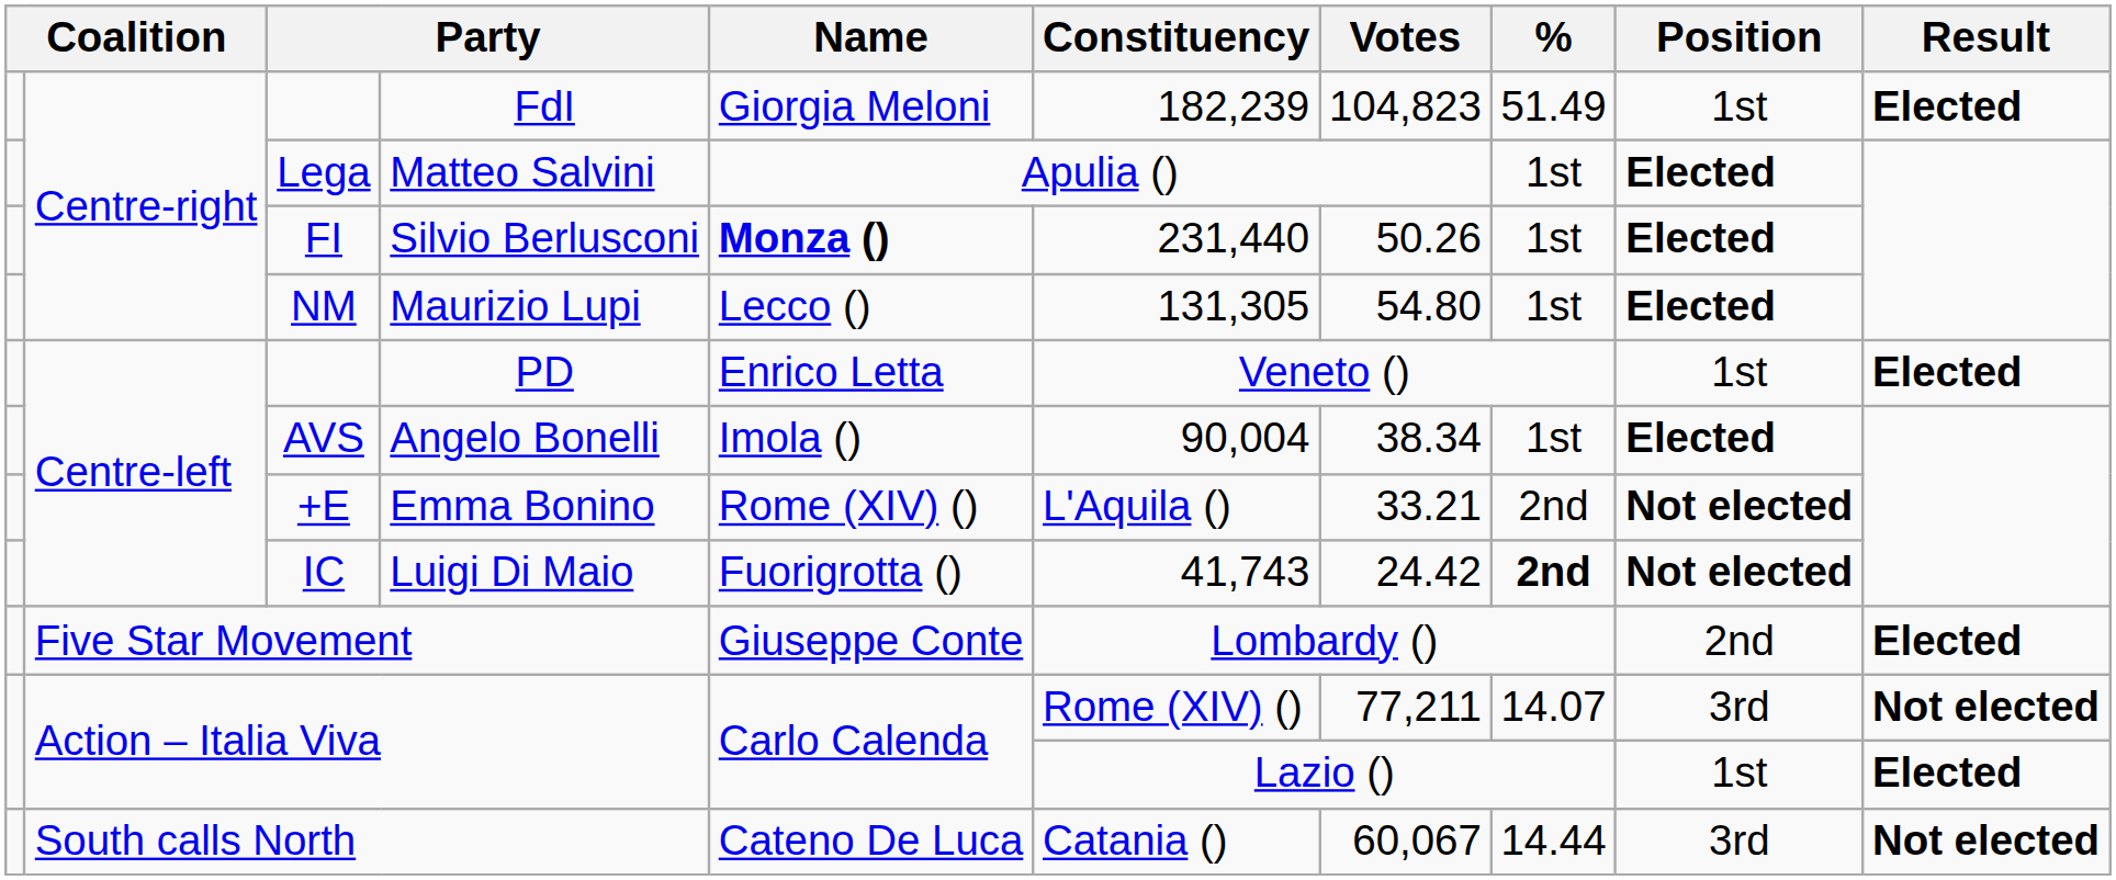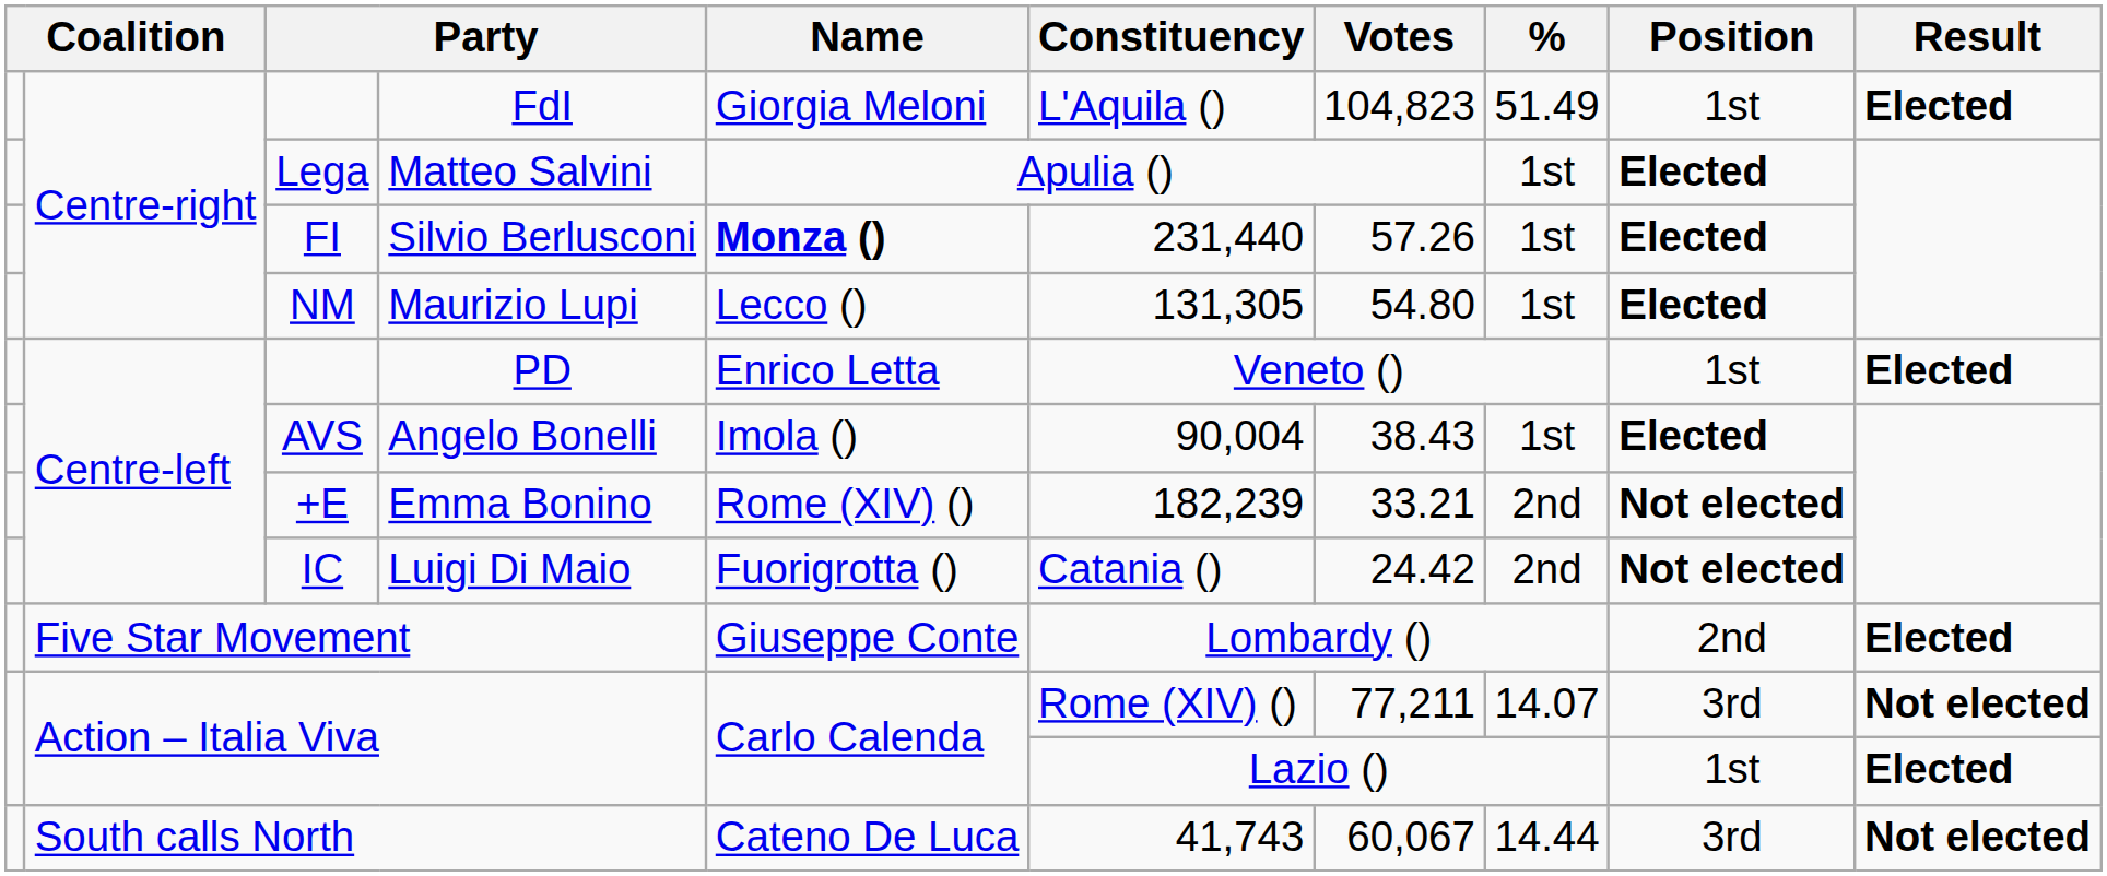 <table class="wikitable">
 <tr>
 <th colspan="2">Coalition</th>
 <th colspan="2">Party</th>
 <th>Name</th>
 <th>Constituency</th>
 <th>Votes</th>
 <th>%</th>
 <th>Position</th>
 <th>Result</th>
 </tr>
 <tr>
 <td></td>
 <td rowspan="4"><a href='#'>Centre-right</a></td>
 <td></td>
 <td align="center"><a href='#'>FdI</a></td>
 <td><a href='#'>Giorgia Meloni</a></td>
-<td align="right">182,239</td>
+<td><a href='#'>L'Aquila</a> ()</td>
 <td align="right">104,823</td>
 <td align="right">51.49</td>
 <td align="center">1st</td>
 <td> <strong>Elected</strong></td>
 </tr>
 <tr>
 <td></td>
 <td align="center"><a href='#'>Lega</a></td>
 <td><a href='#'>Matteo Salvini</a></td>
 <td colspan="3" align="center"><a href='#'>Apulia</a> ()</td>
 <td align="center">1st</td>
 <td> <strong>Elected</strong></td>
 </tr>
 <tr>
 <td></td>
 <td align="center"><a href='#'>FI</a></td>
 <td><a href='#'>Silvio Berlusconi</a></td>
 <td><strong><a href='#'>Monza</a> ()</strong></td>
 <td align="right">231,440</td>
-<td align="right">50.26</td>
+<td align="right">57.26</td>
 <td align="center">1st</td>
 <td> <strong>Elected</strong></td>
 </tr>
 <tr>
 <td></td>
 <td align="center"><a href='#'>NM</a></td>
 <td><a href='#'>Maurizio Lupi</a></td>
 <td><a href='#'>Lecco</a> ()</td>
 <td align="right">131,305</td>
 <td align="right">54.80</td>
 <td align="center">1st</td>
 <td> <strong>Elected</strong></td>
 </tr>
 <tr>
 <td></td>
 <td rowspan="4"><a href='#'>Centre-left</a></td>
 <td></td>
 <td align="center"><a href='#'>PD</a></td>
 <td><a href='#'>Enrico Letta</a></td>
 <td colspan="3" align="center"><a href='#'>Veneto</a> ()</td>
 <td align="center">1st</td>
 <td> <strong>Elected</strong></td>
 </tr>
 <tr>
 <td></td>
 <td align="center"><a href='#'>AVS</a></td>
 <td><a href='#'>Angelo Bonelli</a></td>
 <td><a href='#'>Imola</a> ()</td>
 <td align="right">90,004</td>
-<td align="right">38.34</td>
+<td align="right">38.43</td>
 <td align="center">1st</td>
 <td> <strong>Elected</strong></td>
 </tr>
 <tr>
 <td></td>
 <td align="center"><a href='#'>+E</a></td>
 <td><a href='#'>Emma Bonino</a></td>
 <td><a href='#'>Rome (XIV)</a> ()</td>
-<td><a href='#'>L'Aquila</a> ()</td>
+<td align="right">182,239</td>
 <td align="right">33.21</td>
 <td align="center">2nd</td>
 <td> <strong>Not elected</strong></td>
 </tr>
 <tr>
 <td></td>
 <td align="center"><a href='#'>IC</a></td>
 <td><a href='#'>Luigi Di Maio</a></td>
 <td><a href='#'>Fuorigrotta</a> ()</td>
-<td align="right">41,743</td>
+<td><a href='#'>Catania</a> ()</td>
 <td align="right">24.42</td>
-<td align="center"><strong>2nd</strong></td>
+<td align="center">2nd</td>
 <td> <strong>Not elected</strong></td>
 </tr>
 <tr>
 <td></td>
 <td colspan="3"><a href='#'>Five Star Movement</a></td>
 <td><a href='#'>Giuseppe Conte</a></td>
 <td colspan="3" align="center"><a href='#'>Lombardy</a> ()</td>
 <td align="center">2nd</td>
 <td> <strong>Elected</strong></td>
 </tr>
 <tr>
 <td rowspan=2></td>
 <td rowspan=2 colspan="3"><a href='#'>Action – Italia Viva</a></td>
 <td rowspan=2><a href='#'>Carlo Calenda</a></td>
 <td><a href='#'>Rome (XIV)</a> ()</td>
 <td align="right">77,211</td>
 <td align="right">14.07</td>
 <td align="center">3rd</td>
 <td> <strong>Not elected</strong></td>
 </tr>
 <tr>
 <td colspan="3" align="center"><a href='#'>Lazio</a>  ()</td>
 <td align="center">1st</td>
 <td> <strong>Elected</strong></td>
 </tr>
 <tr>
 <td></td>
 <td colspan="3"><a href='#'>South calls North</a></td>
 <td><a href='#'>Cateno De Luca</a></td>
-<td><a href='#'>Catania</a> ()</td>
+<td align="right">41,743</td>
 <td align="right">60,067</td>
 <td align="right">14.44</td>
 <td align="center">3rd</td>
 <td> <strong>Not elected</strong></td>
 </tr>
 </table>
